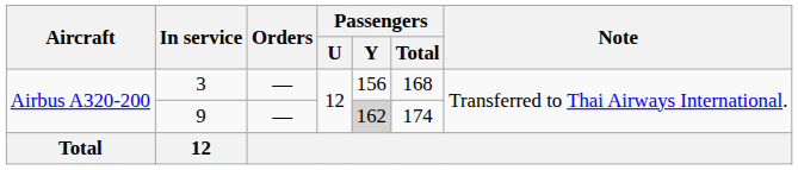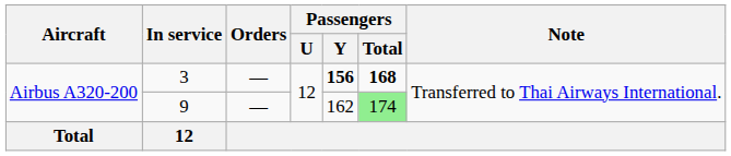 <table class="wikitable" style="border-collapse:collapse;text-align:center; margin: 1em auto;">
 <tr>
 <th rowspan="2">Aircraft</th>
 <th rowspan="2">In service</th>
 <th rowspan="2">Orders</th>
 <th colspan="3">Passengers</th>
 <th rowspan="2">Note</th>
 </tr>
 <tr>
 <th style="width:20px;"><abbr>U</abbr></th>
 <th style="width:20px;"><abbr>Y</abbr></th>
 <th style="width:25px;">Total</th>
 </tr>
 <tr>
 <td rowspan="2"><a href='#'>Airbus A320-200</a></td>
 <td>3</td>
 <td>—</td>
 <td rowspan="2">12</td>
-<td>156</td>
-<td>168</td>
+<td><strong>156</strong></td>
+<td><strong>168</strong></td>
 <td rowspan="2">Transferred to <a href='#'>Thai Airways International</a>.</td>
 </tr>
 <tr>
 <td>9</td>
 <td>—</td>
-<td style="background: lightgrey;">162</td>
-<td>174</td>
+<td>162</td>
+<td style="background: lightgreen;">174</td>
 </tr>
 <tr>
 <th>Total</th>
 <th>12</th>
 <th colspan="5"></th>
 </tr>
 </table>
